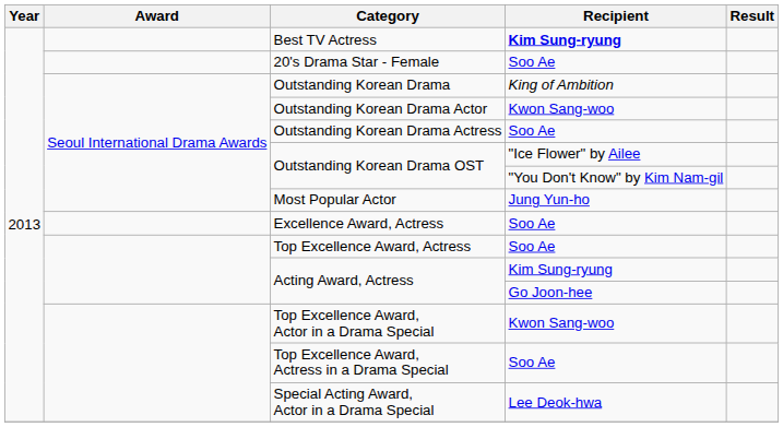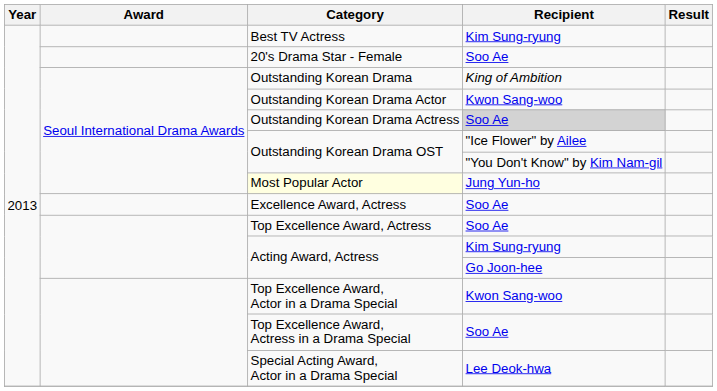 <table class="wikitable">
 <tr>
 <th>Year</th>
 <th>Award</th>
 <th>Category</th>
 <th>Recipient</th>
 <th>Result</th>
 </tr>
 <tr>
 <td rowspan=15>2013</td>
 <td></td>
 <td>Best TV Actress</td>
-<td><strong><a href='#'>Kim Sung-ryung</a></strong></td>
+<td><a href='#'>Kim Sung-ryung</a></td>
 <td></td>
 </tr>
 <tr>
 <td></td>
 <td>20's Drama Star - Female</td>
 <td><a href='#'>Soo Ae</a></td>
 <td></td>
 </tr>
 <tr>
 <td rowspan=6 style="text-align:center;"><a href='#'>Seoul International Drama Awards</a></td>
 <td>Outstanding Korean Drama</td>
 <td><em>King of Ambition</em></td>
 <td></td>
 </tr>
 <tr>
 <td>Outstanding Korean Drama Actor</td>
 <td><a href='#'>Kwon Sang-woo</a></td>
 <td></td>
 </tr>
 <tr>
 <td>Outstanding Korean Drama Actress</td>
-<td><a href='#'>Soo Ae</a></td>
+<td style="background: lightgrey;"><a href='#'>Soo Ae</a></td>
 <td></td>
 </tr>
 <tr>
 <td rowspan=2>Outstanding Korean Drama OST</td>
 <td>"Ice Flower" by <a href='#'>Ailee</a></td>
 <td></td>
 </tr>
 <tr>
 <td>"You Don't Know" by <a href='#'>Kim Nam-gil</a></td>
 <td></td>
 </tr>
 <tr>
-<td>Most Popular Actor</td>
+<td style="background: lightyellow;">Most Popular Actor</td>
 <td><a href='#'>Jung Yun-ho</a></td>
 <td></td>
 </tr>
 <tr>
 <td></td>
 <td>Excellence Award, Actress</td>
 <td><a href='#'>Soo Ae</a></td>
 <td></td>
 </tr>
 <tr>
 <td rowspan=3></td>
 <td>Top Excellence Award, Actress</td>
 <td><a href='#'>Soo Ae</a></td>
 <td></td>
 </tr>
 <tr>
 <td rowspan=2>Acting Award, Actress</td>
 <td><a href='#'>Kim Sung-ryung</a></td>
 <td></td>
 </tr>
 <tr>
 <td><a href='#'>Go Joon-hee</a></td>
 <td></td>
 </tr>
 <tr>
 <td rowspan=3></td>
 <td>Top Excellence Award, <br> Actor in a Drama Special</td>
 <td><a href='#'>Kwon Sang-woo</a></td>
 <td></td>
 </tr>
 <tr>
 <td>Top Excellence Award, <br> Actress in a Drama Special</td>
 <td><a href='#'>Soo Ae</a></td>
 <td></td>
 </tr>
 <tr>
 <td>Special Acting Award, <br> Actor in a Drama Special</td>
 <td><a href='#'>Lee Deok-hwa</a></td>
 <td></td>
 </tr>
 <tr>
 </tr>
 </table>
